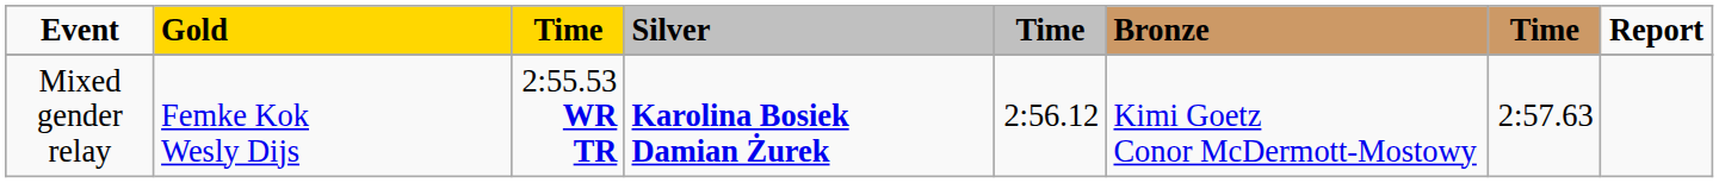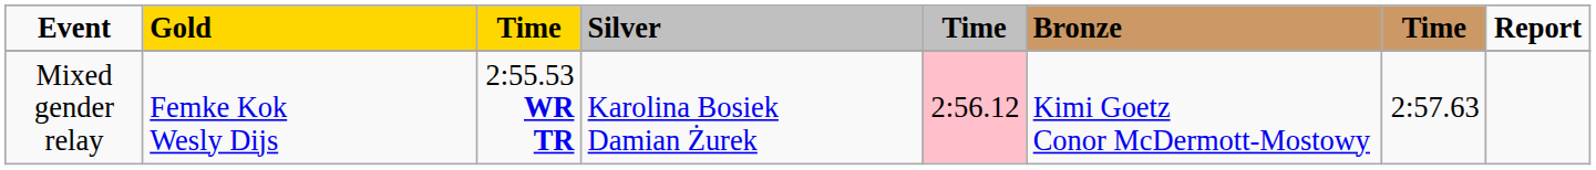 <table class="wikitable">
 <tr>
 <td width="80" align="center"><strong>Event</strong></td>
 <td width="240" bgcolor="gold"><strong>Gold</strong></td>
 <td width="50" bgcolor="gold" align="center"><strong>Time</strong></td>
 <td width="240" bgcolor="silver"><strong>Silver</strong></td>
 <td width="50" bgcolor="silver" align="center"><strong>Time</strong></td>
 <td width="240" bgcolor="#CC9966"><strong>Bronze</strong></td>
 <td width="50" bgcolor="#CC9966" align="center"><strong>Time</strong></td>
 <td width="50" align="center"><strong>Report</strong></td>
 </tr>
 <tr bgcolor="#cccccc">
 </tr>
 <tr>
 <td align="center">Mixed gender relay</td>
 <td><br><a href='#'>Femke Kok</a><br><a href='#'>Wesly Dijs</a></td>
 <td align="right">2:55.53<br><strong><a href='#'>WR</a></strong><br><strong><a href='#'>TR</a></strong></td>
-<td><strong><br><a href='#'>Karolina Bosiek</a><br><a href='#'>Damian Żurek</a></strong></td>
-<td align="right">2:56.12</td>
+<td><br><a href='#'>Karolina Bosiek</a><br><a href='#'>Damian Żurek</a></td>
+<td align="right" style="background: pink;">2:56.12</td>
 <td><br><a href='#'>Kimi Goetz</a><br><a href='#'>Conor McDermott-Mostowy</a></td>
 <td align="right">2:57.63</td>
 <td align="center"></td>
 </tr>
 </table>
